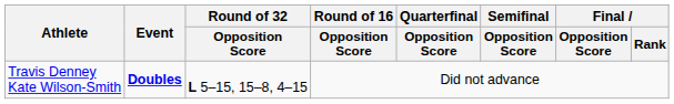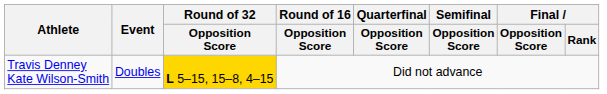 <table class=wikitable style="font-size:90%">
 <tr>
 <th rowspan="2">Athlete</th>
 <th rowspan="2">Event</th>
 <th>Round of 32</th>
 <th>Round of 16</th>
 <th>Quarterfinal</th>
 <th>Semifinal</th>
 <th colspan=2>Final / </th>
 </tr>
 <tr style="font-size:95%">
 <th>Opposition<br>Score</th>
 <th>Opposition<br>Score</th>
 <th>Opposition<br>Score</th>
 <th>Opposition<br>Score</th>
 <th>Opposition<br>Score</th>
 <th>Rank</th>
 </tr>
 <tr align=center>
 <td align=left><a href='#'>Travis Denney</a><br><a href='#'>Kate Wilson-Smith</a></td>
-<td align=left><strong><a href='#'>Doubles</a></strong></td>
-<td><br><strong>L</strong> 5–15, 15–8, 4–15</td>
+<td align=left><a href='#'>Doubles</a></td>
+<td style="background: gold;"><br><strong>L</strong> 5–15, 15–8, 4–15</td>
 <td colspan=5>Did not advance</td>
 </tr>
 </table>
